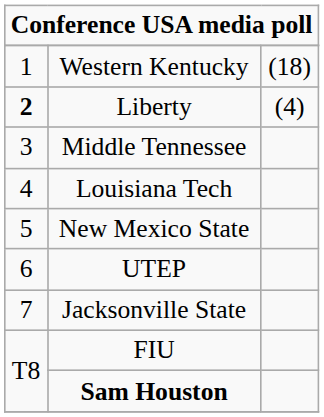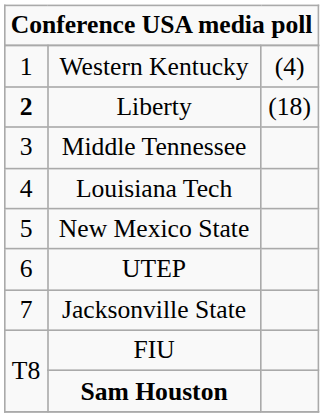 <table class="wikitable" style="display: inline-table;">
 <tr>
 <td align="center" Colspan="3"><strong>Conference USA media poll</strong></td>
 </tr>
 <tr align="center">
 </tr>
 <tr align="center">
 <td>1</td>
 <td>Western Kentucky</td>
-<td>(18)</td>
+<td>(4)</td>
 </tr>
 <tr align="center">
 <td><strong>2</strong></td>
 <td>Liberty</td>
-<td>(4)</td>
+<td>(18)</td>
 </tr>
 <tr align="center">
 <td>3</td>
 <td>Middle Tennessee</td>
 <td></td>
 </tr>
 <tr align="center">
 <td>4</td>
 <td>Louisiana Tech</td>
 <td></td>
 </tr>
 <tr align="center">
 <td>5</td>
 <td>New Mexico State</td>
 <td></td>
 </tr>
 <tr align="center">
 <td>6</td>
 <td>UTEP</td>
 <td></td>
 </tr>
 <tr align="center">
 <td>7</td>
 <td>Jacksonville State</td>
 <td></td>
 </tr>
 <tr align="center">
 <td rowspan=2>T8</td>
 <td>FIU</td>
 <td></td>
 </tr>
 <tr align="center">
 <td><strong>Sam Houston</strong></td>
 <td></td>
 </tr>
 <tr>
 </tr>
 </table>
